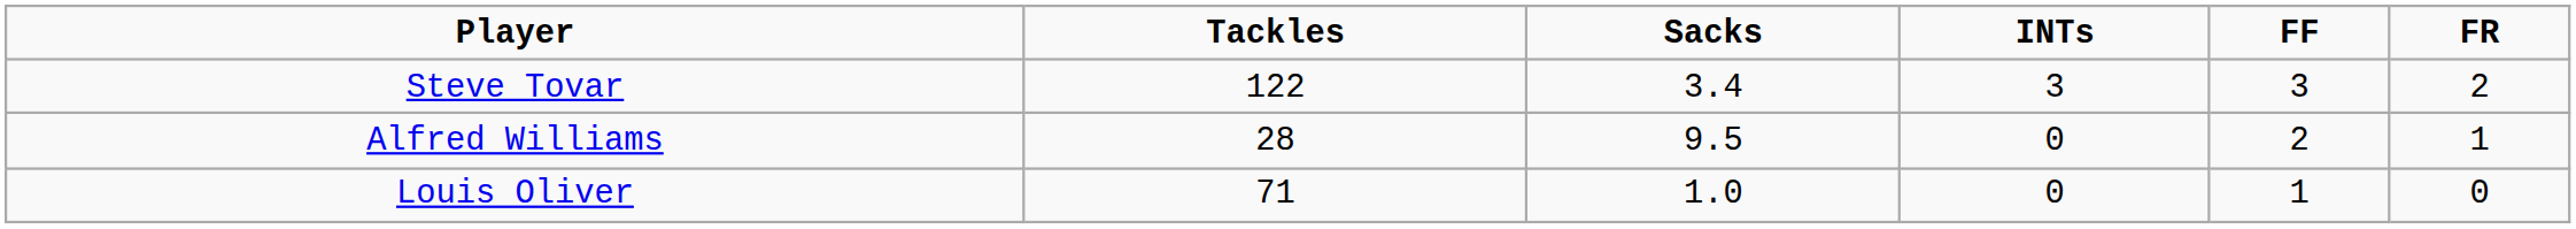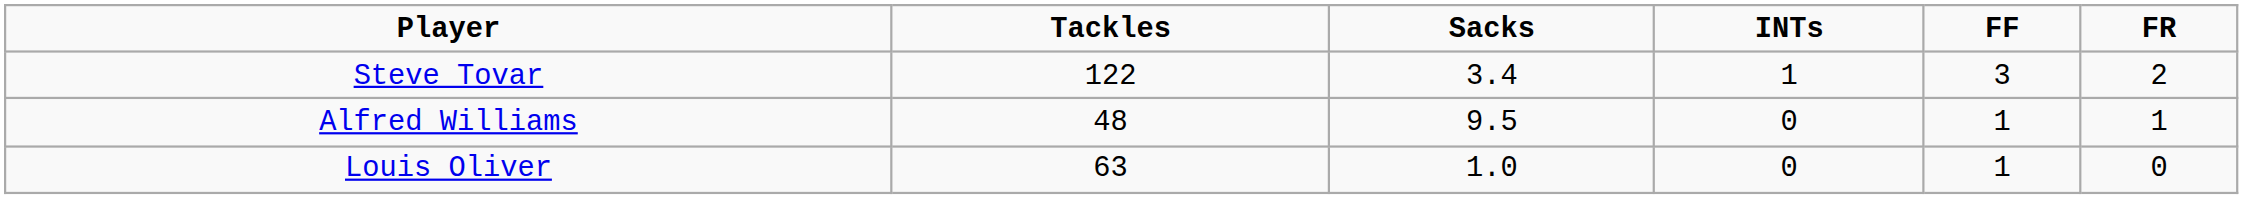 <table class="wikitable" width="80%">
 <tr align="center">
 <td><strong>Player</strong></td>
 <td><strong>Tackles</strong></td>
 <td><strong>Sacks</strong></td>
 <td><strong>INTs</strong></td>
 <td><strong>FF</strong></td>
 <td><strong>FR</strong></td>
 </tr>
 <tr align="center" bgcolor="">
 <td><a href='#'>Steve Tovar</a></td>
 <td>122</td>
 <td>3.4</td>
-<td>3</td>
+<td>1</td>
 <td>3</td>
 <td>2</td>
 </tr>
 <tr align="center" bgcolor="">
 <td><a href='#'>Alfred Williams</a></td>
-<td>28</td>
+<td>48</td>
 <td>9.5</td>
 <td>0</td>
-<td>2</td>
+<td>1</td>
 <td>1</td>
 </tr>
 <tr align="center" bgcolor="">
 <td><a href='#'>Louis Oliver</a></td>
-<td>71</td>
+<td>63</td>
 <td>1.0</td>
 <td>0</td>
 <td>1</td>
 <td>0</td>
 </tr>
 </table>
